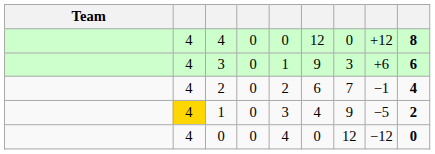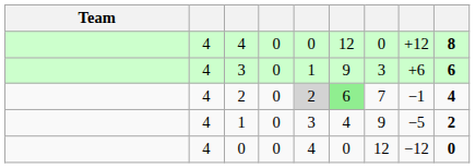 <table class="wikitable" style="text-align: center; font-size:90% ">
 <tr>
 <th width=160>Team</th>
 <th width=25></th>
 <th width=25></th>
 <th width=25></th>
 <th width=25></th>
 <th width=25></th>
 <th width=25></th>
 <th width=25></th>
 <th width=25></th>
 </tr>
 <tr bgcolor=ccffcc>
 <td align=left></td>
 <td>4</td>
 <td>4</td>
 <td>0</td>
 <td>0</td>
 <td>12</td>
 <td>0</td>
 <td>+12</td>
 <td><strong>8</strong></td>
 </tr>
 <tr bgcolor=ccffcc>
 <td align=left></td>
 <td>4</td>
 <td>3</td>
 <td>0</td>
 <td>1</td>
 <td>9</td>
 <td>3</td>
 <td>+6</td>
 <td><strong>6</strong></td>
 </tr>
 <tr>
 <td align=left></td>
 <td>4</td>
 <td>2</td>
 <td>0</td>
-<td>2</td>
-<td>6</td>
+<td style="background: lightgrey;">2</td>
+<td style="background: lightgreen;">6</td>
 <td>7</td>
 <td>−1</td>
 <td><strong>4</strong></td>
 </tr>
 <tr>
 <td align=left></td>
-<td style="background: gold;">4</td>
+<td>4</td>
 <td>1</td>
 <td>0</td>
 <td>3</td>
 <td>4</td>
 <td>9</td>
 <td>−5</td>
 <td><strong>2</strong></td>
 </tr>
 <tr>
 <td align=left></td>
 <td>4</td>
 <td>0</td>
 <td>0</td>
 <td>4</td>
 <td>0</td>
 <td>12</td>
 <td>−12</td>
 <td><strong>0</strong></td>
 </tr>
 </table>
